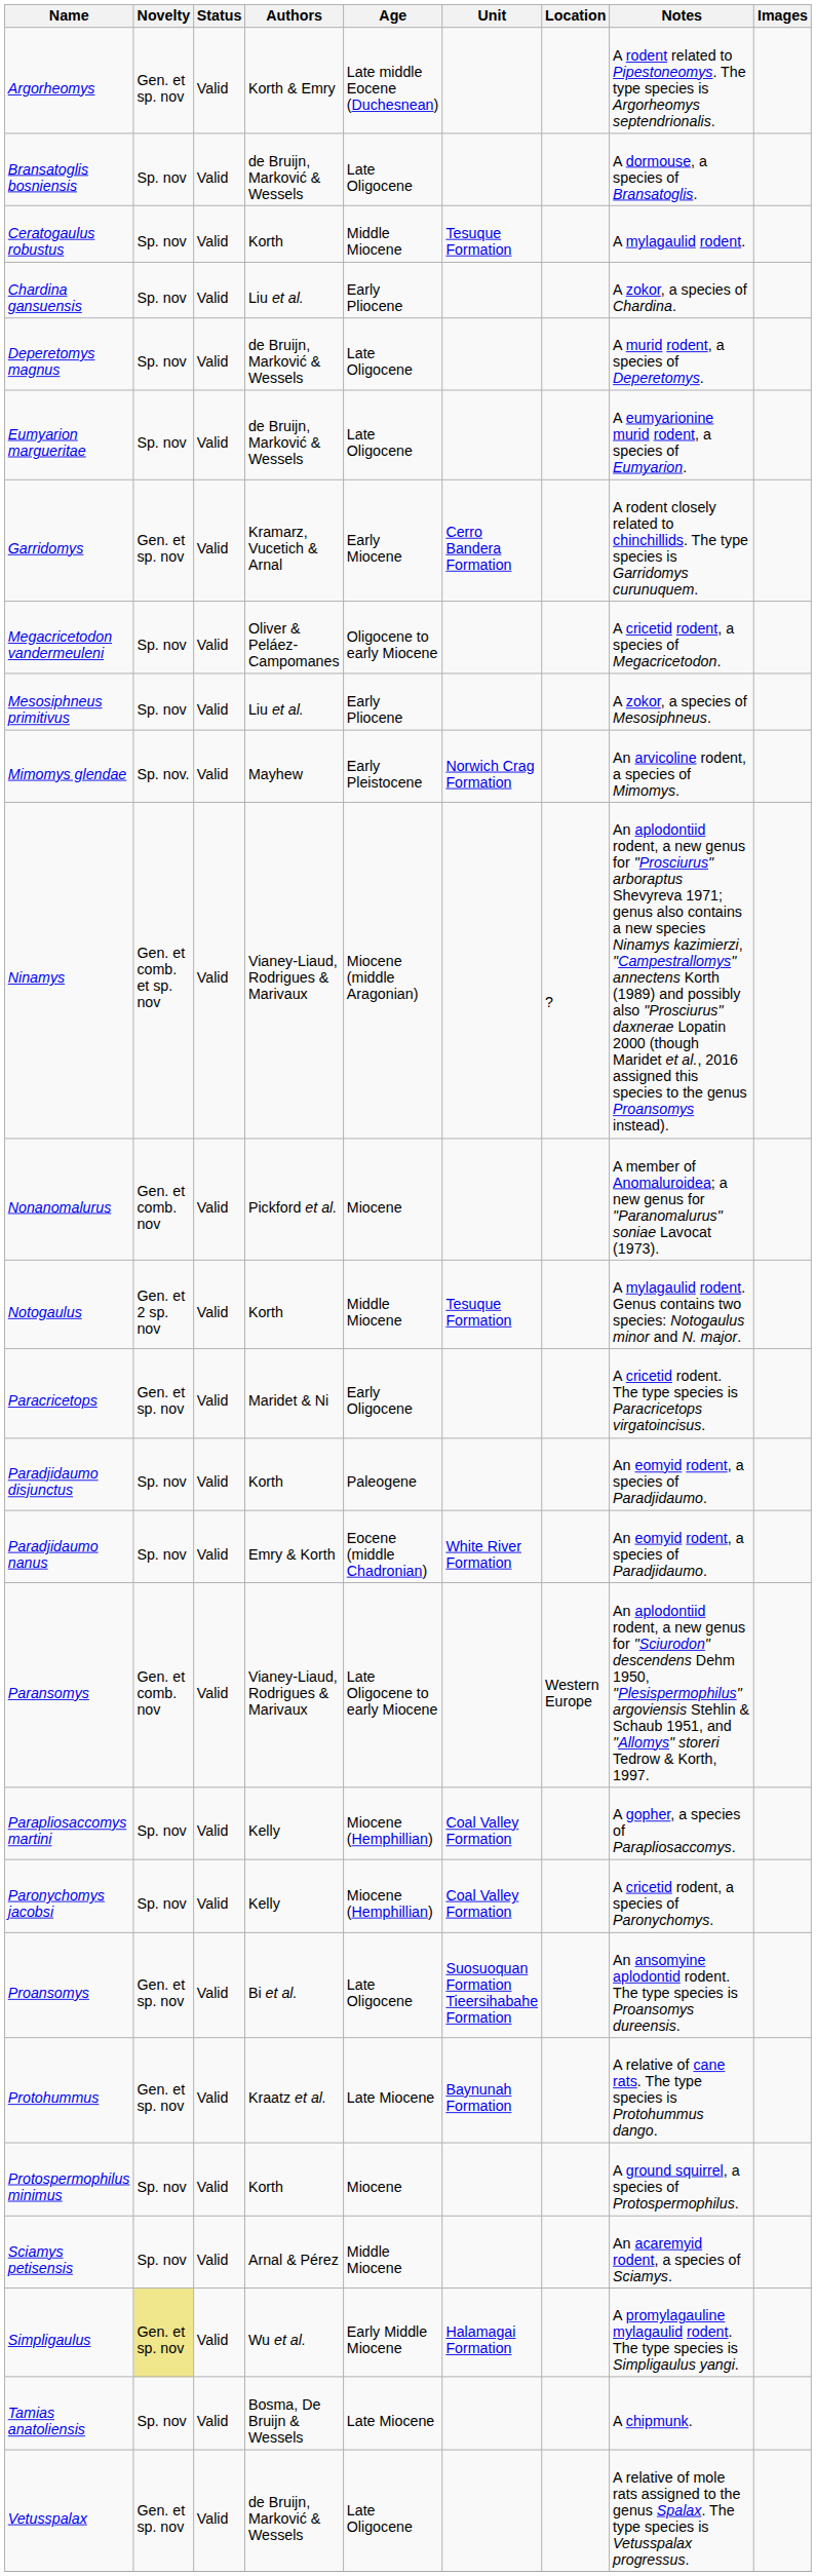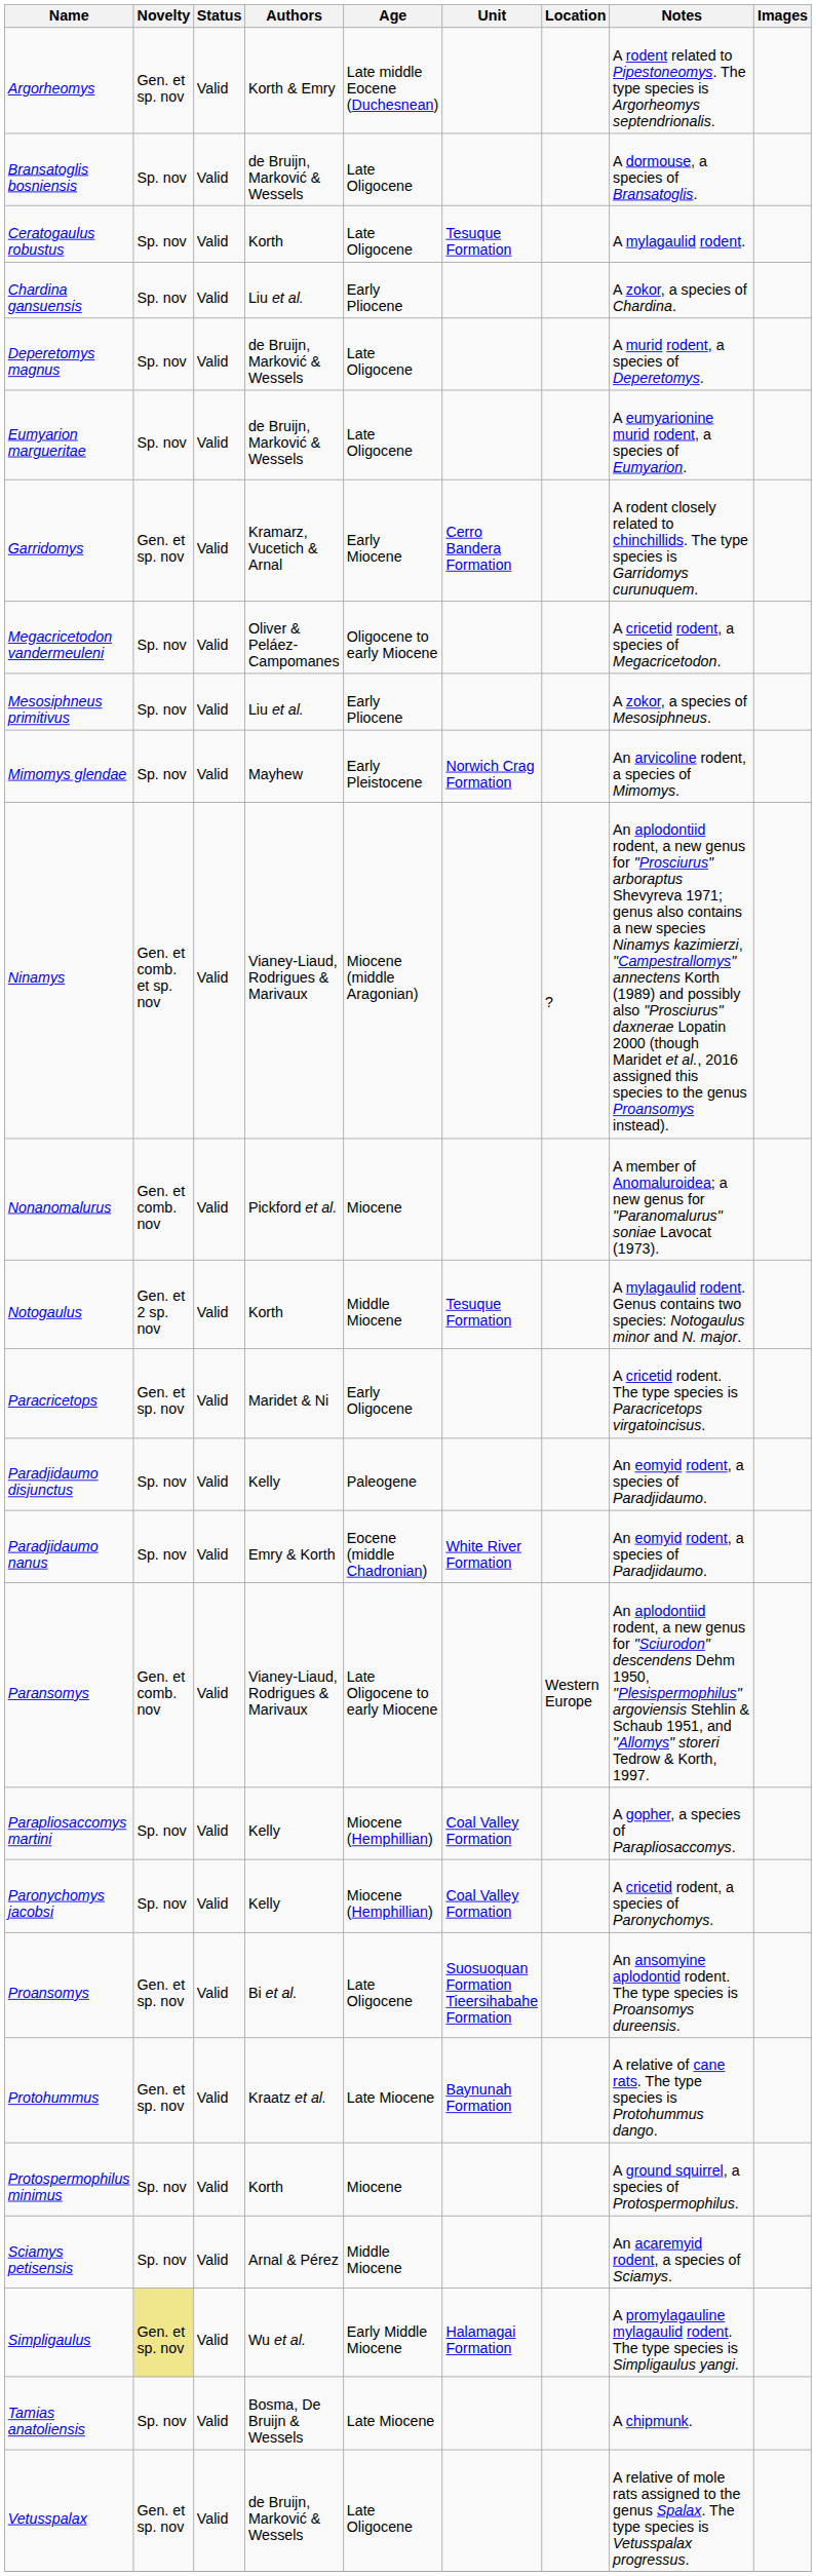 <table class="wikitable sortable" align="center" width="100%">
 <tr>
 <th>Name</th>
 <th>Novelty</th>
 <th>Status</th>
 <th>Authors</th>
 <th>Age</th>
 <th>Unit</th>
 <th>Location</th>
 <th>Notes</th>
 <th>Images</th>
 </tr>
 <tr>
 <td><br><em><a href='#'>Argorheomys</a></em></td>
 <td><br>Gen. et sp. nov</td>
 <td><br>Valid</td>
 <td><br>Korth & Emry</td>
 <td><br>Late middle Eocene (<a href='#'>Duchesnean</a>)</td>
 <td></td>
 <td><br></td>
 <td><br>A <a href='#'>rodent</a> related to <em><a href='#'>Pipestoneomys</a></em>. The type species is <em>Argorheomys septendrionalis</em>.</td>
 <td></td>
 </tr>
 <tr>
 <td><br><em><a href='#'>Bransatoglis bosniensis</a></em></td>
 <td><br>Sp. nov</td>
 <td><br>Valid</td>
 <td><br>de Bruijn, Marković & Wessels</td>
 <td><br>Late Oligocene</td>
 <td></td>
 <td><br></td>
 <td><br>A <a href='#'>dormouse</a>, a species of <em><a href='#'>Bransatoglis</a></em>.</td>
 <td></td>
 </tr>
 <tr>
 <td><br><em><a href='#'>Ceratogaulus robustus</a></em></td>
 <td><br>Sp. nov</td>
 <td><br>Valid</td>
 <td><br>Korth</td>
-<td><br>Middle Miocene</td>
+<td><br>Late Oligocene</td>
 <td><br><a href='#'>Tesuque Formation</a></td>
 <td><br></td>
 <td><br>A <a href='#'>mylagaulid</a> <a href='#'>rodent</a>.</td>
 <td></td>
 </tr>
 <tr>
 <td><br><em><a href='#'>Chardina gansuensis</a></em></td>
 <td><br>Sp. nov</td>
 <td><br>Valid</td>
 <td><br>Liu <em>et al.</em></td>
 <td><br>Early Pliocene</td>
 <td></td>
 <td><br></td>
 <td><br>A <a href='#'>zokor</a>, a species of <em>Chardina</em>.</td>
 <td></td>
 </tr>
 <tr>
 <td><br><em><a href='#'>Deperetomys magnus</a></em></td>
 <td><br>Sp. nov</td>
 <td><br>Valid</td>
 <td><br>de Bruijn, Marković & Wessels</td>
 <td><br>Late Oligocene</td>
 <td></td>
 <td><br><br> </td>
 <td><br>A <a href='#'>murid</a> <a href='#'>rodent</a>, a species of <em><a href='#'>Deperetomys</a></em>.</td>
 <td></td>
 </tr>
 <tr>
 <td><br><em><a href='#'>Eumyarion margueritae</a></em></td>
 <td><br>Sp. nov</td>
 <td><br>Valid</td>
 <td><br>de Bruijn, Marković & Wessels</td>
 <td><br>Late Oligocene</td>
 <td></td>
 <td><br></td>
 <td><br>A <a href='#'>eumyarionine</a> <a href='#'>murid</a> <a href='#'>rodent</a>, a species of <em><a href='#'>Eumyarion</a></em>.</td>
 <td></td>
 </tr>
 <tr>
 <td><br><em><a href='#'>Garridomys</a></em></td>
 <td><br>Gen. et sp. nov</td>
 <td><br>Valid</td>
 <td><br>Kramarz, Vucetich & Arnal</td>
 <td><br>Early Miocene</td>
 <td><br><a href='#'>Cerro Bandera Formation</a></td>
 <td><br></td>
 <td><br>A rodent closely related to <a href='#'>chinchillids</a>. The type species is <em>Garridomys curunuquem</em>.</td>
 <td></td>
 </tr>
 <tr>
 <td><br><em><a href='#'>Megacricetodon vandermeuleni</a></em></td>
 <td><br>Sp. nov</td>
 <td><br>Valid</td>
 <td><br>Oliver & Peláez-Campomanes</td>
 <td><br>Oligocene to early Miocene</td>
 <td></td>
 <td><br></td>
 <td><br>A <a href='#'>cricetid</a> <a href='#'>rodent</a>, a species of <em>Megacricetodon</em>.</td>
 <td></td>
 </tr>
 <tr>
 <td><br><em><a href='#'>Mesosiphneus primitivus</a></em></td>
 <td><br>Sp. nov</td>
 <td><br>Valid</td>
 <td><br>Liu <em>et al.</em></td>
 <td><br>Early Pliocene</td>
 <td></td>
 <td><br></td>
 <td><br>A <a href='#'>zokor</a>, a species of <em>Mesosiphneus</em>.</td>
 <td></td>
 </tr>
 <tr>
 <td><br><em><a href='#'>Mimomys glendae</a></em></td>
-<td><br>Sp. nov.</td>
+<td><br>Sp. nov</td>
 <td><br>Valid</td>
 <td><br>Mayhew</td>
 <td><br>Early Pleistocene</td>
 <td><br><a href='#'>Norwich Crag Formation</a></td>
 <td><br></td>
 <td><br>An <a href='#'>arvicoline</a> rodent, a species of <em>Mimomys</em>.</td>
 <td></td>
 </tr>
 <tr>
 <td><br><em><a href='#'>Ninamys</a></em></td>
 <td><br>Gen. et comb. et sp. nov</td>
 <td><br>Valid</td>
 <td><br>Vianey-Liaud, Rodrigues & Marivaux</td>
 <td><br>Miocene (middle Aragonian)</td>
 <td></td>
 <td><br><br> <br> <br> ?</td>
 <td><br>An <a href='#'>aplodontiid</a> rodent, a new genus for <em>"<a href='#'>Prosciurus</a>" arboraptus</em> Shevyreva 1971; genus also contains a new species <em>Ninamys kazimierzi</em>, <em>"<a href='#'>Campestrallomys</a>" annectens</em> Korth (1989) and possibly also <em>"Prosciurus" daxnerae</em> Lopatin 2000 (though Maridet <em>et al.</em>, 2016 assigned this species to the genus <em><a href='#'>Proansomys</a></em> instead).</td>
 <td></td>
 </tr>
 <tr>
 <td><br><em><a href='#'>Nonanomalurus</a></em></td>
 <td><br>Gen. et comb. nov</td>
 <td><br>Valid</td>
 <td><br>Pickford <em>et al.</em></td>
 <td><br>Miocene</td>
 <td></td>
 <td><br><br> </td>
 <td><br>A member of <a href='#'>Anomaluroidea</a>; a new genus for <em>"Paranomalurus" soniae</em> Lavocat (1973).</td>
 <td></td>
 </tr>
 <tr>
 <td><br><em><a href='#'>Notogaulus</a></em></td>
 <td><br>Gen. et 2 sp. nov</td>
 <td><br>Valid</td>
 <td><br>Korth</td>
 <td><br>Middle Miocene</td>
 <td><br><a href='#'>Tesuque Formation</a></td>
 <td><br></td>
 <td><br>A <a href='#'>mylagaulid</a> <a href='#'>rodent</a>. Genus contains two species: <em>Notogaulus minor</em> and <em>N. major</em>.</td>
 <td></td>
 </tr>
 <tr>
 <td><br><em><a href='#'>Paracricetops</a></em></td>
 <td><br>Gen. et sp. nov</td>
 <td><br>Valid</td>
 <td><br>Maridet & Ni</td>
 <td><br>Early Oligocene</td>
 <td></td>
 <td><br></td>
 <td><br>A <a href='#'>cricetid</a> rodent. The type species is <em>Paracricetops virgatoincisus</em>.</td>
 <td></td>
 </tr>
 <tr>
 <td><br><em><a href='#'>Paradjidaumo disjunctus</a></em></td>
 <td><br>Sp. nov</td>
 <td><br>Valid</td>
-<td><br>Korth</td>
+<td><br>Kelly</td>
 <td><br>Paleogene</td>
 <td></td>
 <td><br></td>
 <td><br>An <a href='#'>eomyid</a> <a href='#'>rodent</a>, a species of <em>Paradjidaumo</em>.</td>
 <td></td>
 </tr>
 <tr>
 <td><br><em><a href='#'>Paradjidaumo nanus</a></em></td>
 <td><br>Sp. nov</td>
 <td><br>Valid</td>
 <td><br>Emry & Korth</td>
 <td><br>Eocene (middle <a href='#'>Chadronian</a>)</td>
 <td><br><a href='#'>White River Formation</a></td>
 <td><br></td>
 <td><br>An <a href='#'>eomyid</a> <a href='#'>rodent</a>, a species of <em>Paradjidaumo</em>.</td>
 <td></td>
 </tr>
 <tr>
 <td><br><em><a href='#'>Paransomys</a></em></td>
 <td><br>Gen. et comb. nov</td>
 <td><br>Valid</td>
 <td><br>Vianey-Liaud, Rodrigues & Marivaux</td>
 <td><br>Late Oligocene to early Miocene</td>
 <td></td>
 <td><br>Western Europe</td>
 <td><br>An <a href='#'>aplodontiid</a> rodent, a new genus for <em>"<a href='#'>Sciurodon</a>" descendens</em> Dehm 1950, <em>"<a href='#'>Plesispermophilus</a>" argoviensis</em> Stehlin & Schaub 1951, and <em>"<a href='#'>Allomys</a>" storeri</em> Tedrow & Korth, 1997.</td>
 <td></td>
 </tr>
 <tr>
 <td><br><em><a href='#'>Parapliosaccomys martini</a></em></td>
 <td><br>Sp. nov</td>
 <td><br>Valid</td>
 <td><br>Kelly</td>
 <td><br>Miocene (<a href='#'>Hemphillian</a>)</td>
 <td><br><a href='#'>Coal Valley Formation</a></td>
 <td><br></td>
 <td><br>A <a href='#'>gopher</a>, a species of <em>Parapliosaccomys</em>.</td>
 <td></td>
 </tr>
 <tr>
 <td><br><em><a href='#'>Paronychomys jacobsi</a></em></td>
 <td><br>Sp. nov</td>
 <td><br>Valid</td>
 <td><br>Kelly</td>
 <td><br>Miocene (<a href='#'>Hemphillian</a>)</td>
 <td><br><a href='#'>Coal Valley Formation</a></td>
 <td><br></td>
 <td><br>A <a href='#'>cricetid</a> rodent, a species of <em>Paronychomys</em>.</td>
 <td></td>
 </tr>
 <tr>
 <td><br><em><a href='#'>Proansomys</a></em></td>
 <td><br>Gen. et sp. nov</td>
 <td><br>Valid</td>
 <td><br>Bi <em>et al.</em></td>
 <td><br>Late Oligocene</td>
 <td><br><a href='#'>Suosuoquan Formation</a><br> <a href='#'>Tieersihabahe Formation</a></td>
 <td><br></td>
 <td><br>An <a href='#'>ansomyine</a> <a href='#'>aplodontid</a> rodent. The type species is <em>Proansomys dureensis</em>.</td>
 <td></td>
 </tr>
 <tr>
 <td><br><em><a href='#'>Protohummus</a></em></td>
 <td><br>Gen. et sp. nov</td>
 <td><br>Valid</td>
 <td><br>Kraatz <em>et al.</em></td>
 <td><br>Late Miocene</td>
 <td><br><a href='#'>Baynunah Formation</a></td>
 <td><br></td>
 <td><br>A relative of <a href='#'>cane rats</a>. The type species is <em>Protohummus dango</em>.</td>
 <td></td>
 </tr>
 <tr>
 <td><br><em><a href='#'>Protospermophilus minimus</a></em></td>
 <td><br>Sp. nov</td>
 <td><br>Valid</td>
 <td><br>Korth</td>
 <td><br>Miocene</td>
 <td></td>
 <td><br></td>
 <td><br>A <a href='#'>ground squirrel</a>, a species of <em>Protospermophilus</em>.</td>
 <td></td>
 </tr>
 <tr>
 <td><br><em><a href='#'>Sciamys petisensis</a></em></td>
 <td><br>Sp. nov</td>
 <td><br>Valid</td>
 <td><br>Arnal & Pérez</td>
 <td><br>Middle Miocene</td>
 <td></td>
 <td><br></td>
 <td><br>An <a href='#'>acaremyid</a> <a href='#'>rodent</a>, a species of <em>Sciamys</em>.</td>
 <td></td>
 </tr>
 <tr>
 <td><br><em><a href='#'>Simpligaulus</a></em></td>
 <td style="background: khaki;"><br>Gen. et sp. nov</td>
 <td><br>Valid</td>
 <td><br>Wu <em>et al.</em></td>
 <td><br>Early Middle Miocene</td>
 <td><br><a href='#'>Halamagai Formation</a></td>
 <td><br></td>
 <td><br>A <a href='#'>promylagauline</a> <a href='#'>mylagaulid</a> <a href='#'>rodent</a>. The type species is <em>Simpligaulus yangi</em>.</td>
 <td></td>
 </tr>
 <tr>
 <td><br><em><a href='#'>Tamias anatoliensis</a></em></td>
 <td><br>Sp. nov</td>
 <td><br>Valid</td>
 <td><br>Bosma, De Bruijn & Wessels</td>
 <td><br>Late Miocene</td>
 <td></td>
 <td><br></td>
 <td><br>A <a href='#'>chipmunk</a>.</td>
 <td></td>
 </tr>
 <tr>
 <td><br><em><a href='#'>Vetusspalax</a></em></td>
 <td><br>Gen. et sp. nov</td>
 <td><br>Valid</td>
 <td><br>de Bruijn, Marković & Wessels</td>
 <td><br>Late Oligocene</td>
 <td></td>
 <td><br></td>
 <td><br>A relative of mole rats assigned to the genus <em><a href='#'>Spalax</a></em>. The type species is <em>Vetusspalax progressus</em>.</td>
 <td></td>
 </tr>
 <tr>
 </tr>
 </table>
